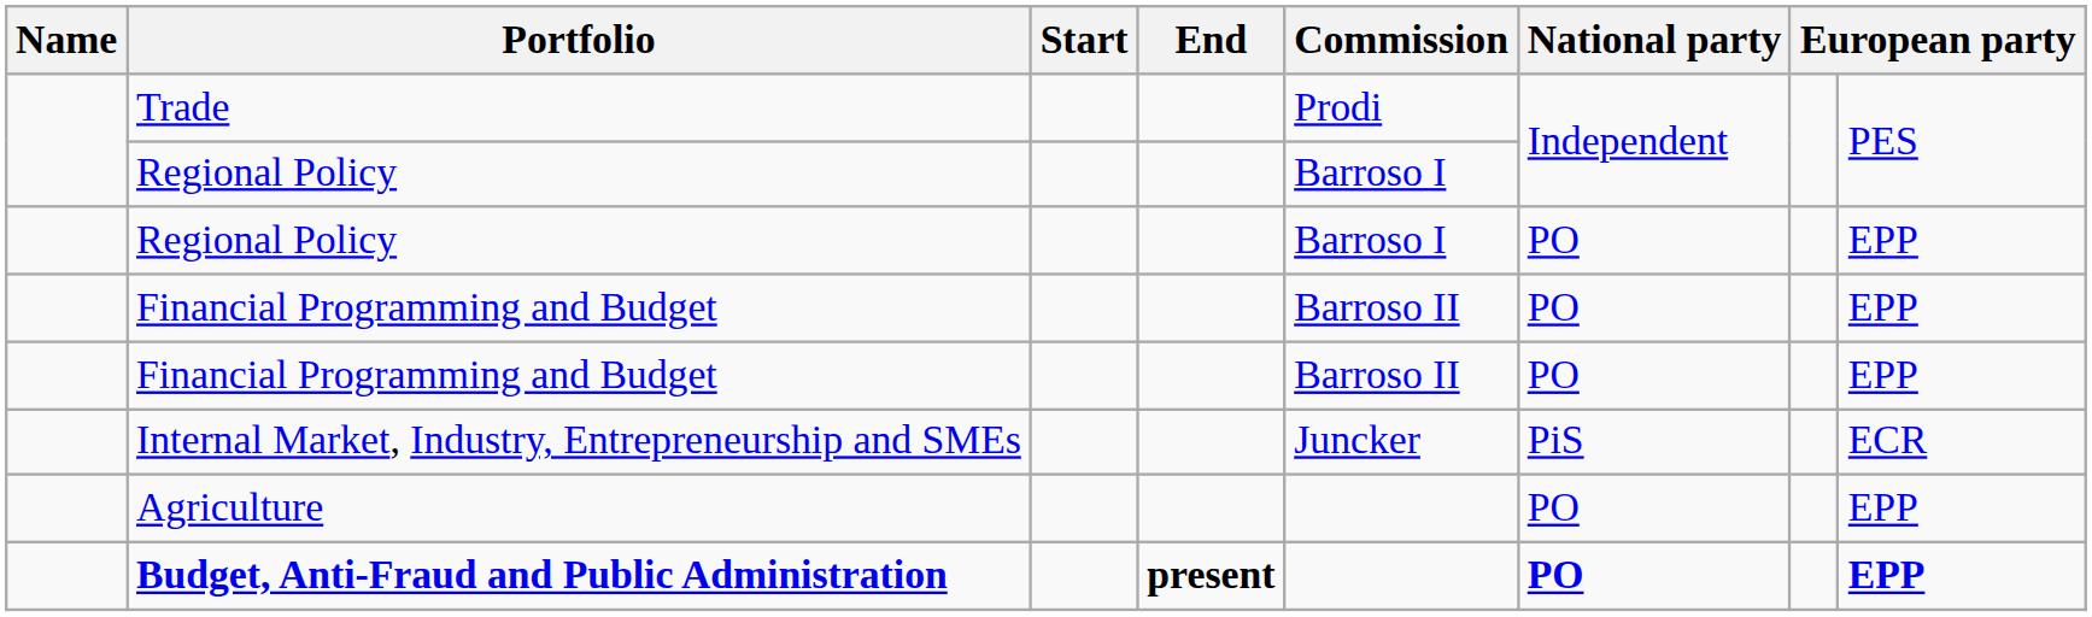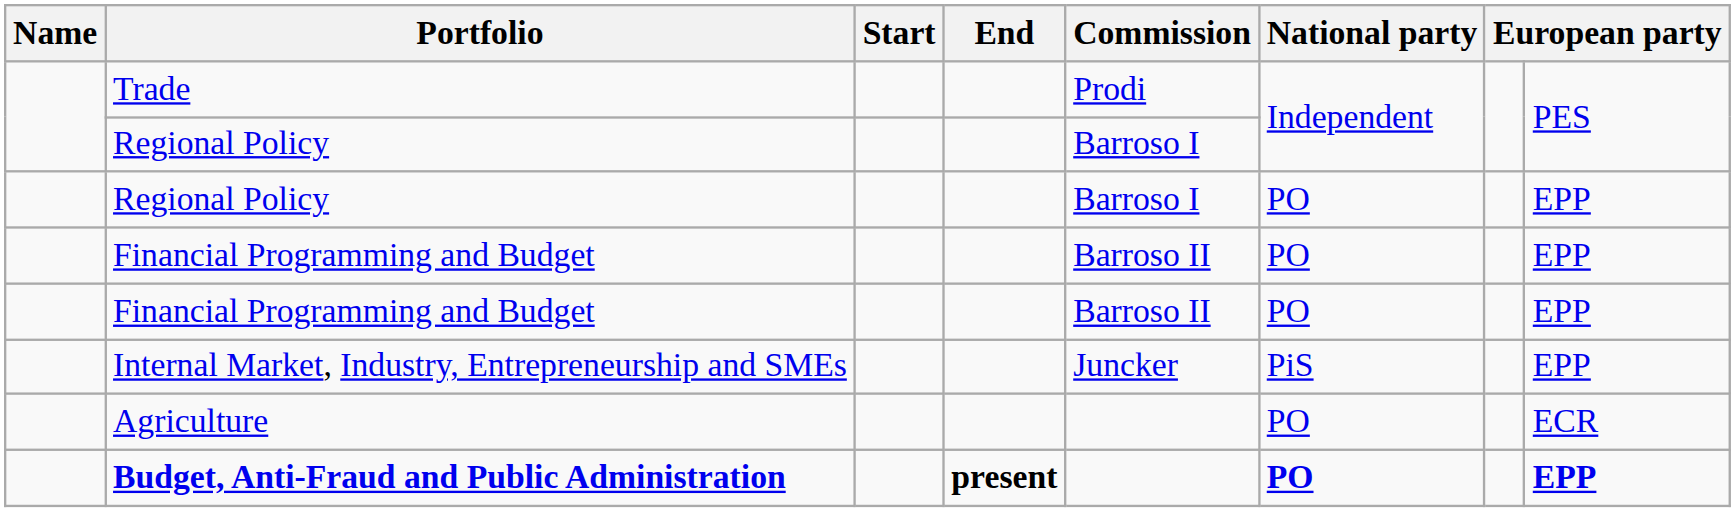 <table class="wikitable sortable" style="font-size: 90%;">
 <tr>
 <th>Name</th>
 <th>Portfolio</th>
 <th>Start</th>
 <th>End</th>
 <th>Commission</th>
 <th>National party</th>
 <th colspan=2>European party</th>
 </tr>
 <tr>
 <td rowspan=2></td>
 <td><a href='#'>Trade</a></td>
 <td></td>
 <td></td>
 <td><a href='#'>Prodi</a></td>
 <td rowspan=2><a href='#'>Independent</a></td>
 <td rowspan=2 style="background:"></td>
 <td rowspan=2><a href='#'>PES</a></td>
 </tr>
 <tr>
 <td><a href='#'>Regional Policy</a></td>
 <td></td>
 <td></td>
 <td><a href='#'>Barroso I</a></td>
 </tr>
 <tr>
 <td></td>
 <td><a href='#'>Regional Policy</a></td>
 <td></td>
 <td></td>
 <td><a href='#'>Barroso I</a></td>
 <td><a href='#'>PO</a></td>
 <td style="background:"></td>
 <td><a href='#'>EPP</a></td>
 </tr>
 <tr>
 <td></td>
 <td><a href='#'>Financial Programming and Budget</a></td>
 <td></td>
 <td></td>
 <td><a href='#'>Barroso II</a></td>
 <td><a href='#'>PO</a></td>
 <td style="background:"></td>
 <td><a href='#'>EPP</a></td>
 </tr>
 <tr>
 <td></td>
 <td><a href='#'>Financial Programming and Budget</a></td>
 <td></td>
 <td></td>
 <td><a href='#'>Barroso II</a></td>
 <td><a href='#'>PO</a></td>
 <td style="background:"></td>
 <td><a href='#'>EPP</a></td>
 </tr>
 <tr>
 <td></td>
 <td><a href='#'>Internal Market</a>, <a href='#'>Industry, Entrepreneurship and SMEs</a></td>
 <td></td>
 <td></td>
 <td><a href='#'>Juncker</a></td>
 <td><a href='#'>PiS</a></td>
 <td style="background:"></td>
-<td><a href='#'>ECR</a></td>
+<td><a href='#'>EPP</a></td>
 </tr>
 <tr>
 <td></td>
 <td><a href='#'>Agriculture</a></td>
 <td></td>
 <td></td>
 <td></td>
 <td><a href='#'>PO</a></td>
 <td style="background:"></td>
-<td><a href='#'>EPP</a></td>
+<td><a href='#'>ECR</a></td>
 </tr>
 <tr>
 <td><strong></strong></td>
 <td><strong><a href='#'>Budget, Anti-Fraud and Public Administration</a></strong></td>
 <td><strong></strong></td>
 <td><strong>present</strong></td>
 <td><strong></strong></td>
 <td><strong><a href='#'>PO</a></strong></td>
 <td style="background:"></td>
 <td><strong><a href='#'>EPP</a></strong></td>
 </tr>
 </table>
